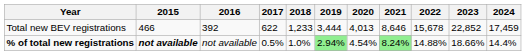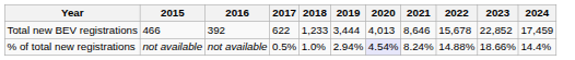 <table class="wikitable">
 <tr>
 <th>Year</th>
 <th>2015</th>
 <th>2016</th>
 <th>2017</th>
 <th>2018</th>
 <th>2019</th>
 <th>2020</th>
 <th>2021</th>
 <th>2022</th>
 <th>2023</th>
 <th>2024</th>
 </tr>
 <tr>
 <td>Total new BEV registrations</td>
 <td>466</td>
 <td>392</td>
 <td>622</td>
 <td>1,233</td>
 <td>3,444</td>
 <td>4,013</td>
 <td>8,646</td>
 <td>15,678</td>
 <td>22,852</td>
 <td>17,459</td>
 </tr>
 <tr>
-<td><strong>% of total new registrations</strong></td>
-<td><strong><em>not available</em></strong></td>
+<td>% of total new registrations</td>
+<td><em>not available</em></td>
 <td><em>not available</em></td>
 <td>0.5%</td>
 <td>1.0%</td>
-<td style="background: lightgreen;">2.94%</td>
-<td>4.54%</td>
-<td style="background: lightgreen;">8.24%</td>
+<td>2.94%</td>
+<td style="background: lavender;">4.54%</td>
+<td>8.24%</td>
 <td>14.88%</td>
 <td>18.66%</td>
 <td>14.4%</td>
 </tr>
 </table>
